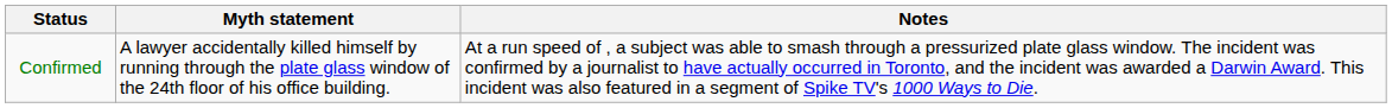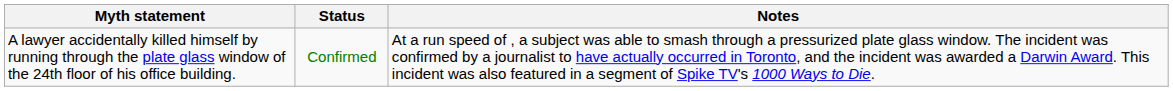 <table class="wikitable" style="width:98%;">
 <tr>
+<th style="width:25%;">Myth statement</th>
 <th style="width:8%;">Status</th>
-<th style="width:25%;">Myth statement</th>
 <th style="width:67%;">Notes</th>
 </tr>
 <tr>
+<td>A lawyer accidentally killed himself by running through the <a href='#'>plate glass</a> window of the 24th floor of his office building.</td>
 <td style="color:white; text-align:center; color:green;">Confirmed</td>
-<td>A lawyer accidentally killed himself by running through the <a href='#'>plate glass</a> window of the 24th floor of his office building.</td>
 <td>At a run speed of , a  subject was able to smash through a pressurized plate glass window. The incident was confirmed by a journalist to <a href='#'>have actually occurred in Toronto</a>, and the incident was awarded a <a href='#'>Darwin Award</a>. This incident was also featured in a segment of <a href='#'>Spike TV</a>'s <em><a href='#'>1000 Ways to Die</a></em>.</td>
 </tr>
 </table>
